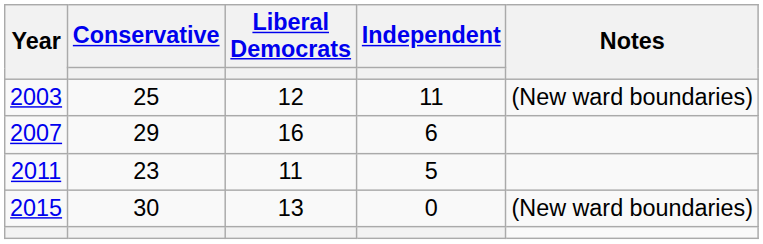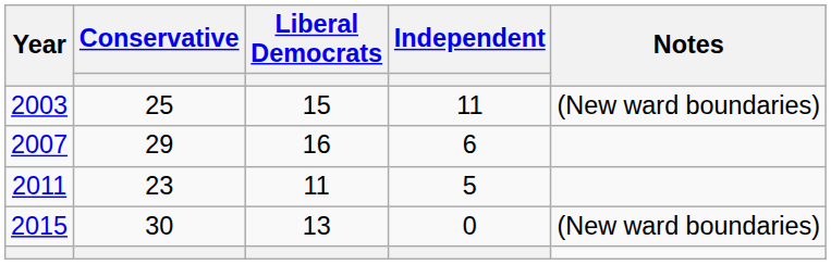 <table class=wikitable style=text-align:center>
 <tr>
 <th rowspan=2>Year</th>
 <th width="60"><a href='#'>Conservative</a></th>
 <th width="60"><a href='#'>Liberal Democrats</a></th>
 <th width="60"><a href='#'>Independent</a></th>
 <th rowspan="2">Notes</th>
 </tr>
 <tr>
 <th style="background-color: "></th>
 <th style="background-color: "></th>
 <th style="background-color: "></th>
 </tr>
 <tr>
 <td><a href='#'>2003</a></td>
 <td>25</td>
-<td>12</td>
+<td>15</td>
 <td>11</td>
 <td>(New ward boundaries)</td>
 </tr>
 <tr>
 <td><a href='#'>2007</a></td>
 <td>29</td>
 <td>16</td>
 <td>6</td>
 <td></td>
 </tr>
 <tr>
 <td><a href='#'>2011</a></td>
 <td>23</td>
 <td>11</td>
 <td>5</td>
 <td></td>
 </tr>
 <tr>
 <td><a href='#'>2015</a></td>
 <td>30</td>
 <td>13</td>
 <td>0</td>
 <td>(New ward boundaries)</td>
 </tr>
 <tr>
 <th></th>
 <th style="background-color: "></th>
 <th style="background-color: "></th>
 <th style="background-color: "></th>
 <td></td>
 </tr>
 </table>
